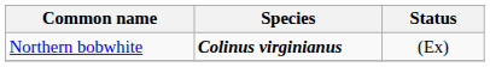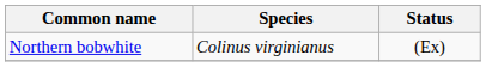 <table width=70% class="wikitable">
 <tr>
 <th width=20%>Common name</th>
 <th width=20%>Species</th>
 <th width=10%>Status</th>
 </tr>
 <tr>
 <td><a href='#'>Northern bobwhite</a></td>
-<td><strong><em>Colinus virginianus</em></strong></td>
+<td><em>Colinus virginianus</em></td>
 <td align=center>(Ex)</td>
 </tr>
 <tr>
 </tr>
 </table>
